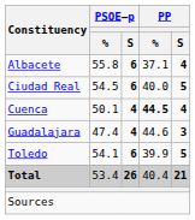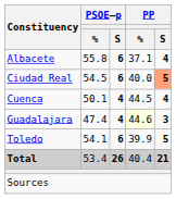 <table class="wikitable sortable" style="text-align:right; line-height:20px;">
 <tr>
 <th rowspan="3">Constituency</th>
 <th colspan="2" width="30px" class="unsortable"><a href='#'>PSOE</a>–<a href='#'>p</a></th>
 <th colspan="2" width="30px" class="unsortable"><a href='#'>PP</a></th>
 </tr>
 <tr>
 <th colspan="2" style="background:"></th>
 <th colspan="2" style="background:"></th>
 </tr>
 <tr>
 <th data-sort-type="number">%</th>
 <th data-sort-type="number">S</th>
 <th data-sort-type="number">%</th>
 <th data-sort-type="number">S</th>
 </tr>
 <tr>
 <td align="left"><a href='#'>Albacete</a></td>
 <td style="background:">55.8</td>
 <td><strong>6</strong></td>
 <td>37.1</td>
 <td><strong>4</strong></td>
 </tr>
 <tr>
 <td align="left"><a href='#'>Ciudad Real</a></td>
 <td style="background:">54.5</td>
 <td><strong>6</strong></td>
 <td>40.0</td>
-<td><strong>5</strong></td>
+<td style="background: lightsalmon;"><strong>5</strong></td>
 </tr>
 <tr>
 <td align="left"><a href='#'>Cuenca</a></td>
 <td style="background:">50.1</td>
 <td><strong>4</strong></td>
-<td><strong>44.5</strong></td>
+<td>44.5</td>
 <td><strong>4</strong></td>
 </tr>
 <tr>
 <td align="left"><a href='#'>Guadalajara</a></td>
 <td style="background:">47.4</td>
 <td><strong>4</strong></td>
-<td>44.6</td>
+<td style="background: lightyellow;">44.6</td>
 <td><strong>3</strong></td>
 </tr>
 <tr>
 <td align="left"><a href='#'>Toledo</a></td>
 <td style="background:">54.1</td>
 <td><strong>6</strong></td>
 <td>39.9</td>
 <td><strong>5</strong></td>
 </tr>
 <tr style="background:#CDCDCD;">
 <td align="left"><strong>Total</strong></td>
 <td style="background:">53.4</td>
 <td><strong>26</strong></td>
 <td>40.4</td>
 <td><strong>21</strong></td>
 </tr>
 <tr>
 <th colspan="5"></th>
 </tr>
 <tr>
 <th style="text-align:left; font-weight:normal; background:#F9F9F9" colspan="5">Sources</th>
 </tr>
 </table>
